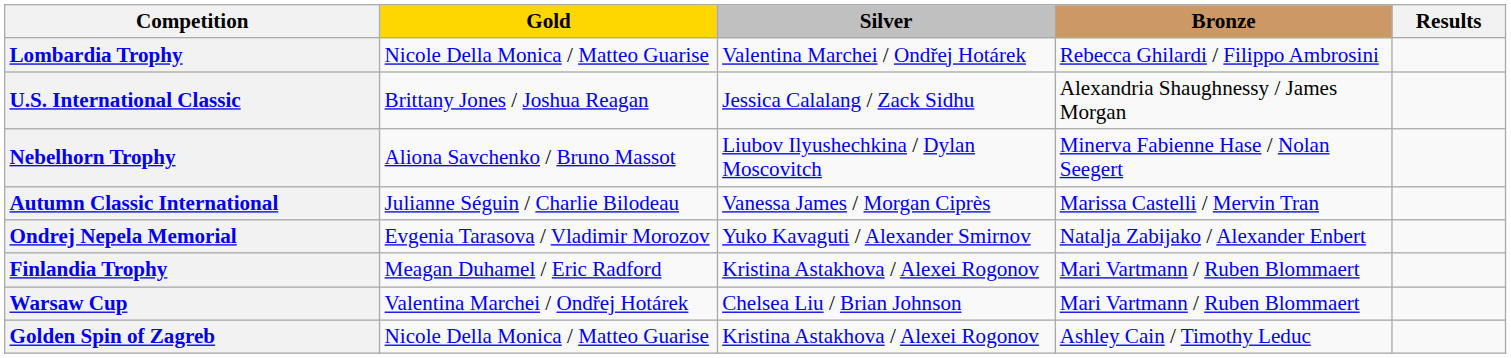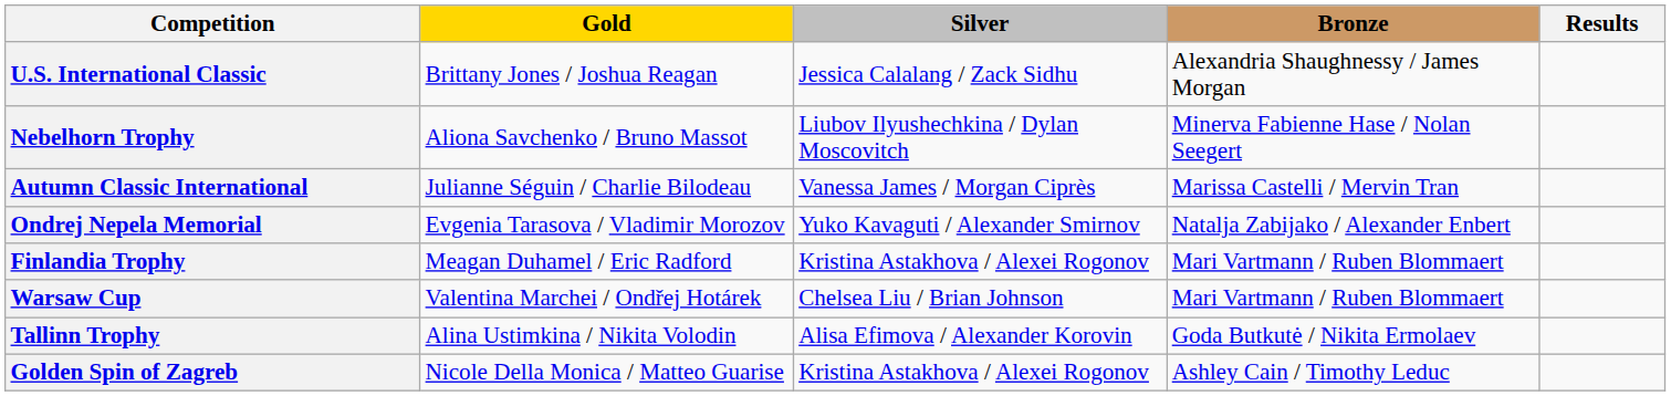 <table class="wikitable unsortable" style="text-align:left; width:90%;">
 <tr>
 <th scope="col" style="text-align:center; width:25%;">Competition</th>
 <td scope="col" style="text-align:center; width:22.5%; background:gold"><strong>Gold</strong></td>
 <td scope="col" style="text-align:center; width:22.5%; background:silver"><strong>Silver</strong></td>
 <td scope="col" style="text-align:center; width:22.5%; background:#c96"><strong>Bronze</strong></td>
 <th scope="col" style="text-align:center; width:7.5%;">Results</th>
-</tr>
-<tr>
-<th scope="row" style="text-align:left"> <a href='#'>Lombardia Trophy</a></th>
-<td> <a href='#'>Nicole Della Monica</a> / <a href='#'>Matteo Guarise</a></td>
-<td> <a href='#'>Valentina Marchei</a> / <a href='#'>Ondřej Hotárek</a></td>
-<td> <a href='#'>Rebecca Ghilardi</a> / <a href='#'>Filippo Ambrosini</a></td>
-<td></td>
 </tr>
 <tr>
 <th scope="row" style="text-align:left"> <a href='#'>U.S. International Classic</a></th>
 <td> <a href='#'>Brittany Jones</a> / <a href='#'>Joshua Reagan</a></td>
 <td> <a href='#'>Jessica Calalang</a> / <a href='#'>Zack Sidhu</a></td>
 <td> Alexandria Shaughnessy / James Morgan</td>
 <td></td>
 </tr>
 <tr>
 <th scope="row" style="text-align:left"> <a href='#'>Nebelhorn Trophy</a></th>
 <td> <a href='#'>Aliona Savchenko</a> / <a href='#'>Bruno Massot</a></td>
 <td> <a href='#'>Liubov Ilyushechkina</a> / <a href='#'>Dylan Moscovitch</a></td>
 <td> <a href='#'>Minerva Fabienne Hase</a> / <a href='#'>Nolan Seegert</a></td>
 <td></td>
 </tr>
 <tr>
 <th scope="row" style="text-align:left"> <a href='#'>Autumn Classic International</a></th>
 <td> <a href='#'>Julianne Séguin</a> / <a href='#'>Charlie Bilodeau</a></td>
 <td> <a href='#'>Vanessa James</a> / <a href='#'>Morgan Ciprès</a></td>
 <td> <a href='#'>Marissa Castelli</a> / <a href='#'>Mervin Tran</a></td>
 <td></td>
 </tr>
 <tr>
 <th scope="row" style="text-align:left"> <a href='#'>Ondrej Nepela Memorial</a></th>
 <td> <a href='#'>Evgenia Tarasova</a> / <a href='#'>Vladimir Morozov</a></td>
 <td> <a href='#'>Yuko Kavaguti</a> / <a href='#'>Alexander Smirnov</a></td>
 <td> <a href='#'>Natalja Zabijako</a> / <a href='#'>Alexander Enbert</a></td>
 <td></td>
 </tr>
 <tr>
 <th scope="row" style="text-align:left"> <a href='#'>Finlandia Trophy</a></th>
 <td> <a href='#'>Meagan Duhamel</a> / <a href='#'>Eric Radford</a></td>
 <td> <a href='#'>Kristina Astakhova</a> / <a href='#'>Alexei Rogonov</a></td>
 <td> <a href='#'>Mari Vartmann</a> / <a href='#'>Ruben Blommaert</a></td>
 <td></td>
 </tr>
 <tr>
 <th scope="row" style="text-align:left"> <a href='#'>Warsaw Cup</a></th>
 <td> <a href='#'>Valentina Marchei</a> / <a href='#'>Ondřej Hotárek</a></td>
 <td> <a href='#'>Chelsea Liu</a> / <a href='#'>Brian Johnson</a></td>
 <td> <a href='#'>Mari Vartmann</a> / <a href='#'>Ruben Blommaert</a></td>
 <td></td>
 </tr>
 <tr>
+<th scope="row" style="text-align:left"> <a href='#'>Tallinn Trophy</a></th>
+<td> <a href='#'>Alina Ustimkina</a> / <a href='#'>Nikita Volodin</a></td>
+<td> <a href='#'>Alisa Efimova</a> / <a href='#'>Alexander Korovin</a></td>
+<td> <a href='#'>Goda Butkutė</a> / <a href='#'>Nikita Ermolaev</a></td>
+<td></td>
+</tr>
+<tr>
 <th scope="row" style="text-align:left"> <a href='#'>Golden Spin of Zagreb</a></th>
 <td> <a href='#'>Nicole Della Monica</a> / <a href='#'>Matteo Guarise</a></td>
 <td> <a href='#'>Kristina Astakhova</a> / <a href='#'>Alexei Rogonov</a></td>
 <td> <a href='#'>Ashley Cain</a> / <a href='#'>Timothy Leduc</a></td>
 <td></td>
 </tr>
 </table>
